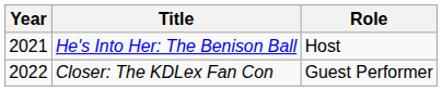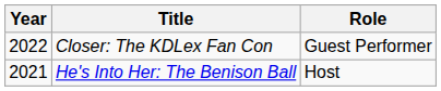 <table class="wikitable" style="font-size:90%">
 <tr>
 <th>Year</th>
 <th>Title</th>
 <th>Role</th>
 </tr>
 <tr>
+<td>2022</td>
+<td><em>Closer: The KDLex Fan Con</em></td>
+<td>Guest Performer</td>
+</tr>
+<tr>
 <td>2021</td>
 <td><em><a href='#'>He's Into Her: The Benison Ball</a></em></td>
 <td>Host</td>
 </tr>
-<tr>
-<td>2022</td>
-<td><em>Closer: The KDLex Fan Con</em></td>
-<td>Guest Performer</td>
-</tr>
 </table>
